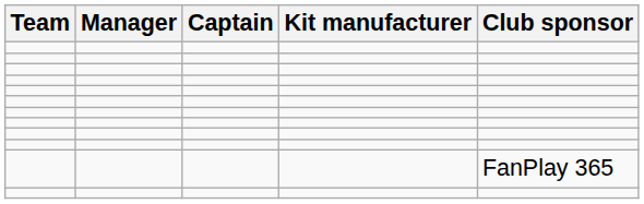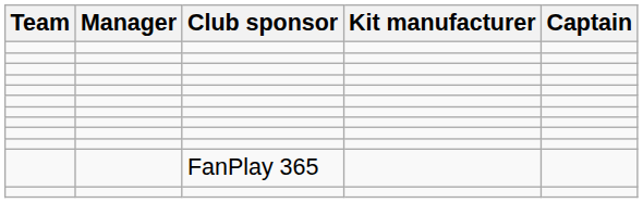 <table class="wikitable sortable" style="text-align: left;">
 <tr>
 <th>Team</th>
 <th>Manager</th>
+<th>Club sponsor</th>
+<th>Kit manufacturer</th>
 <th>Captain</th>
-<th>Kit manufacturer</th>
-<th>Club sponsor</th>
 </tr>
 <tr>
 <td></td>
 <td></td>
 <td></td>
 <td></td>
 <td></td>
 </tr>
 <tr>
 <td></td>
 <td></td>
 <td></td>
 <td></td>
 <td></td>
 </tr>
 <tr>
 <td></td>
 <td></td>
 <td></td>
 <td></td>
 <td></td>
 </tr>
 <tr>
 <td></td>
 <td></td>
 <td></td>
 <td></td>
 <td></td>
 </tr>
 <tr>
 <td></td>
 <td></td>
 <td></td>
 <td></td>
 <td></td>
 </tr>
 <tr>
 <td></td>
 <td></td>
 <td></td>
 <td></td>
 <td></td>
 </tr>
 <tr>
 <td></td>
 <td></td>
 <td></td>
 <td></td>
 <td></td>
 </tr>
 <tr>
 <td></td>
 <td></td>
 <td></td>
 <td></td>
 <td></td>
 </tr>
 <tr>
 <td></td>
 <td></td>
 <td></td>
 <td></td>
 <td></td>
 </tr>
 <tr>
 <td></td>
 <td></td>
 <td></td>
 <td></td>
 <td></td>
 </tr>
 <tr>
 <td></td>
 <td></td>
+<td>FanPlay 365</td>
 <td></td>
 <td></td>
-<td>FanPlay 365</td>
 </tr>
 <tr>
 <td></td>
 <td></td>
 <td></td>
 <td></td>
 <td></td>
 </tr>
 </table>
